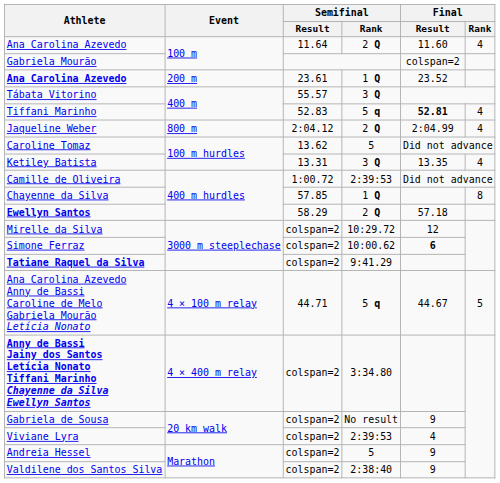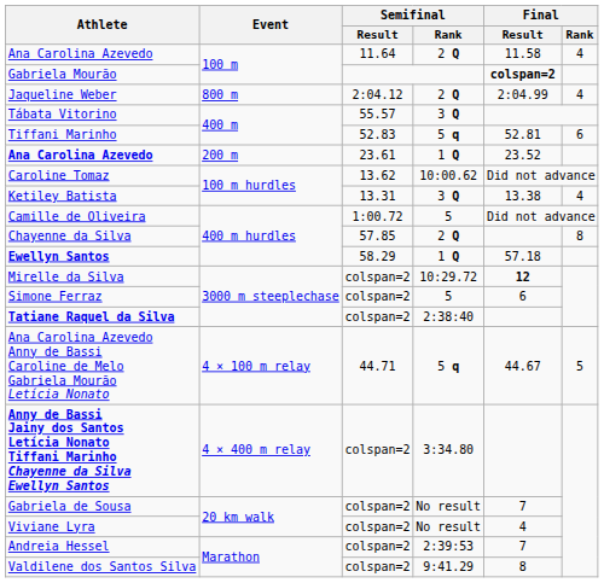 <table class="wikitable" style="font-size:90%">
 <tr>
 <th rowspan="2">Athlete</th>
 <th rowspan="2">Event</th>
 <th colspan="2">Semifinal</th>
 <th colspan="2">Final</th>
 </tr>
 <tr style="font-size:95%">
 <th>Result</th>
 <th>Rank</th>
 <th>Result</th>
 <th>Rank</th>
 </tr>
 <tr align=center>
 <td align=left><a href='#'>Ana Carolina Azevedo</a></td>
 <td align=left rowspan=2><a href='#'>100 m</a></td>
 <td>11.64</td>
 <td>2 <strong>Q</strong></td>
-<td>11.60</td>
+<td>11.58</td>
 <td>4</td>
 </tr>
 <tr align=center>
 <td align=left><a href='#'>Gabriela Mourão</a></td>
 <td colspan=2></td>
-<td>colspan=2 </td>
+<td><strong>colspan=2 </strong></td>
 </tr>
 <tr align=center>
-<td align=left><strong><a href='#'>Ana Carolina Azevedo</a></strong></td>
-<td align=left rowspan=1><a href='#'>200 m</a></td>
-<td>23.61</td>
-<td>1 <strong>Q</strong></td>
-<td>23.52</td>
-<td></td>
+<td align=left><a href='#'>Jaqueline Weber</a></td>
+<td align=left rowspan=1><a href='#'>800 m</a></td>
+<td>2:04.12</td>
+<td>2 <strong>Q</strong></td>
+<td>2:04.99</td>
+<td>4</td>
 </tr>
 <tr align=center>
 <td align=left><a href='#'>Tábata Vitorino</a></td>
 <td align=left rowspan=2><a href='#'>400 m</a></td>
 <td>55.57</td>
 <td>3 <strong>Q</strong></td>
 <td colspan=2></td>
 </tr>
 <tr align=center>
 <td align=left><a href='#'>Tiffani Marinho</a></td>
 <td>52.83</td>
 <td>5 <strong>q</strong></td>
-<td><strong>52.81</strong></td>
-<td>4</td>
+<td>52.81</td>
+<td>6</td>
 </tr>
 <tr align=center>
-<td align=left><a href='#'>Jaqueline Weber</a></td>
-<td align=left rowspan=1><a href='#'>800 m</a></td>
-<td>2:04.12</td>
-<td>2 <strong>Q</strong></td>
-<td>2:04.99</td>
-<td>4</td>
+<td align=left><strong><a href='#'>Ana Carolina Azevedo</a></strong></td>
+<td align=left rowspan=1><a href='#'>200 m</a></td>
+<td>23.61</td>
+<td>1 <strong>Q</strong></td>
+<td>23.52</td>
+<td></td>
 </tr>
 <tr align=center>
 <td align=left><a href='#'>Caroline Tomaz</a></td>
 <td align=left rowspan=2><a href='#'>100 m hurdles</a></td>
 <td>13.62</td>
-<td>5</td>
+<td>10:00.62</td>
 <td colspan=2>Did not advance</td>
 </tr>
 <tr align=center>
 <td align=left><a href='#'>Ketiley Batista</a></td>
 <td>13.31</td>
 <td>3 <strong>Q</strong></td>
-<td>13.35</td>
+<td>13.38</td>
 <td>4</td>
 </tr>
 <tr align=center>
 <td align=left><a href='#'>Camille de Oliveira</a></td>
 <td align=left rowspan=3><a href='#'>400 m hurdles</a></td>
 <td>1:00.72</td>
-<td>2:39:53</td>
+<td>5</td>
 <td colspan=2>Did not advance</td>
 </tr>
 <tr align=center>
 <td align=left><a href='#'>Chayenne da Silva</a></td>
 <td>57.85</td>
-<td>1 <strong>Q</strong></td>
+<td>2 <strong>Q</strong></td>
 <td></td>
 <td>8</td>
 </tr>
 <tr align=center>
 <td align=left><strong><a href='#'>Ewellyn Santos</a></strong></td>
 <td>58.29</td>
-<td>2 <strong>Q</strong></td>
+<td>1 <strong>Q</strong></td>
 <td>57.18</td>
 <td></td>
 </tr>
 <tr align=center>
 <td align=left><a href='#'>Mirelle da Silva</a></td>
 <td align=left rowspan=3><a href='#'>3000 m steeplechase</a></td>
 <td>colspan=2 </td>
 <td>10:29.72</td>
-<td>12</td>
+<td><strong>12</strong></td>
 </tr>
 <tr align=center>
 <td align=left><a href='#'>Simone Ferraz</a></td>
 <td>colspan=2 </td>
-<td>10:00.62</td>
-<td><strong>6</strong></td>
+<td>5</td>
+<td>6</td>
 </tr>
 <tr align=center>
 <td align=left><strong><a href='#'>Tatiane Raquel da Silva</a></strong></td>
 <td>colspan=2 </td>
-<td>9:41.29</td>
+<td>2:38:40</td>
 <td></td>
 </tr>
 <tr align=center>
 <td align=left><a href='#'>Ana Carolina Azevedo</a><br><a href='#'>Anny de Bassi</a><br><a href='#'>Caroline de Melo</a><br><a href='#'>Gabriela Mourão</a><br><em><a href='#'>Letícia Nonato</a></em></td>
 <td align=left><a href='#'>4 × 100 m relay</a></td>
 <td>44.71</td>
 <td>5 <strong>q</strong></td>
 <td>44.67</td>
 <td>5</td>
 </tr>
 <tr align=center>
 <td align=left><strong><a href='#'>Anny de Bassi</a><br><a href='#'>Jainy dos Santos</a><br><a href='#'>Letícia Nonato</a><br><a href='#'>Tiffani Marinho</a><br><em><a href='#'>Chayenne da Silva</a></em><br><em><a href='#'>Ewellyn Santos</a><strong><em></td>
 <td align=left><a href='#'>4 × 400 m relay</a></td>
 <td>colspan=2 </td>
 <td>3:34.80</td>
 <td></td>
 </tr>
 <tr align=center>
 <td align=left><a href='#'>Gabriela de Sousa</a></td>
 <td align=left rowspan=2><a href='#'>20 km walk</a></td>
 <td>colspan=2 </td>
 <td>No result</td>
-<td>9</td>
+<td>7</td>
 </tr>
 <tr align=center>
 <td align=left><a href='#'>Viviane Lyra</a></td>
 <td>colspan=2 </td>
-<td>2:39:53</td>
+<td>No result</td>
 <td>4</td>
 </tr>
 <tr align=center>
 <td align=left><a href='#'>Andreia Hessel</a></td>
 <td align=left rowspan=2><a href='#'>Marathon</a></td>
 <td>colspan=2 </td>
-<td>5</td>
-<td>9</td>
+<td>2:39:53</td>
+<td>7</td>
 </tr>
 <tr align=center>
 <td align=left><a href='#'>Valdilene dos Santos Silva</a></td>
 <td>colspan=2 </td>
-<td>2:38:40</td>
-<td>9</td>
+<td>9:41.29</td>
+<td>8</td>
 </tr>
 </table>
